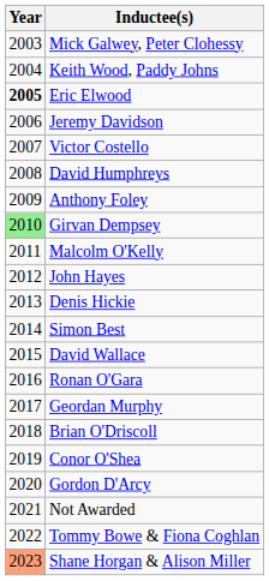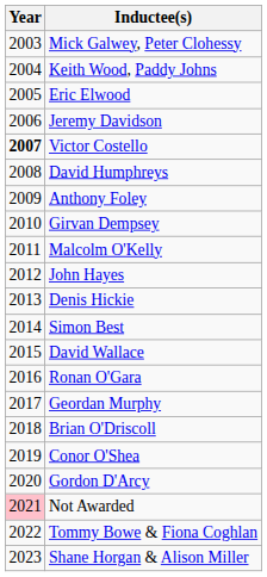 <table class="wikitable">
 <tr>
 <th>Year</th>
 <th>Inductee(s)</th>
 </tr>
 <tr>
 <td>2003</td>
 <td><a href='#'>Mick Galwey</a>, <a href='#'>Peter Clohessy</a></td>
 </tr>
 <tr>
 <td>2004</td>
 <td><a href='#'>Keith Wood</a>, <a href='#'>Paddy Johns</a></td>
 </tr>
 <tr>
-<td><strong>2005</strong></td>
+<td>2005</td>
 <td><a href='#'>Eric Elwood</a></td>
 </tr>
 <tr>
 <td>2006</td>
 <td><a href='#'>Jeremy Davidson</a></td>
 </tr>
 <tr>
-<td>2007</td>
+<td><strong>2007</strong></td>
 <td><a href='#'>Victor Costello</a></td>
 </tr>
 <tr>
 <td>2008</td>
 <td><a href='#'>David Humphreys</a></td>
 </tr>
 <tr>
 <td>2009</td>
 <td><a href='#'>Anthony Foley</a></td>
 </tr>
 <tr>
-<td style="background: lightgreen;">2010</td>
+<td>2010</td>
 <td><a href='#'>Girvan Dempsey</a></td>
 </tr>
 <tr>
 <td>2011</td>
 <td><a href='#'>Malcolm O'Kelly</a></td>
 </tr>
 <tr>
 <td>2012</td>
 <td><a href='#'>John Hayes</a></td>
 </tr>
 <tr>
 <td>2013</td>
 <td><a href='#'>Denis Hickie</a></td>
 </tr>
 <tr>
 <td>2014</td>
 <td><a href='#'>Simon Best</a></td>
 </tr>
 <tr>
 <td>2015</td>
 <td><a href='#'>David Wallace</a></td>
 </tr>
 <tr>
 <td>2016</td>
 <td><a href='#'>Ronan O'Gara</a></td>
 </tr>
 <tr>
 <td>2017</td>
 <td><a href='#'>Geordan Murphy</a></td>
 </tr>
 <tr>
 <td>2018</td>
 <td><a href='#'>Brian O'Driscoll</a></td>
 </tr>
 <tr>
 <td>2019</td>
 <td><a href='#'>Conor O'Shea</a></td>
 </tr>
 <tr>
 <td>2020</td>
 <td><a href='#'>Gordon D'Arcy</a></td>
 </tr>
 <tr>
-<td>2021</td>
+<td style="background: pink;">2021</td>
 <td>Not Awarded</td>
 </tr>
 <tr>
 <td>2022</td>
 <td><a href='#'>Tommy Bowe</a> & <a href='#'>Fiona Coghlan</a></td>
 </tr>
 <tr>
-<td style="background: lightsalmon;">2023</td>
+<td>2023</td>
 <td><a href='#'>Shane Horgan</a> & <a href='#'>Alison Miller</a></td>
 </tr>
 </table>
